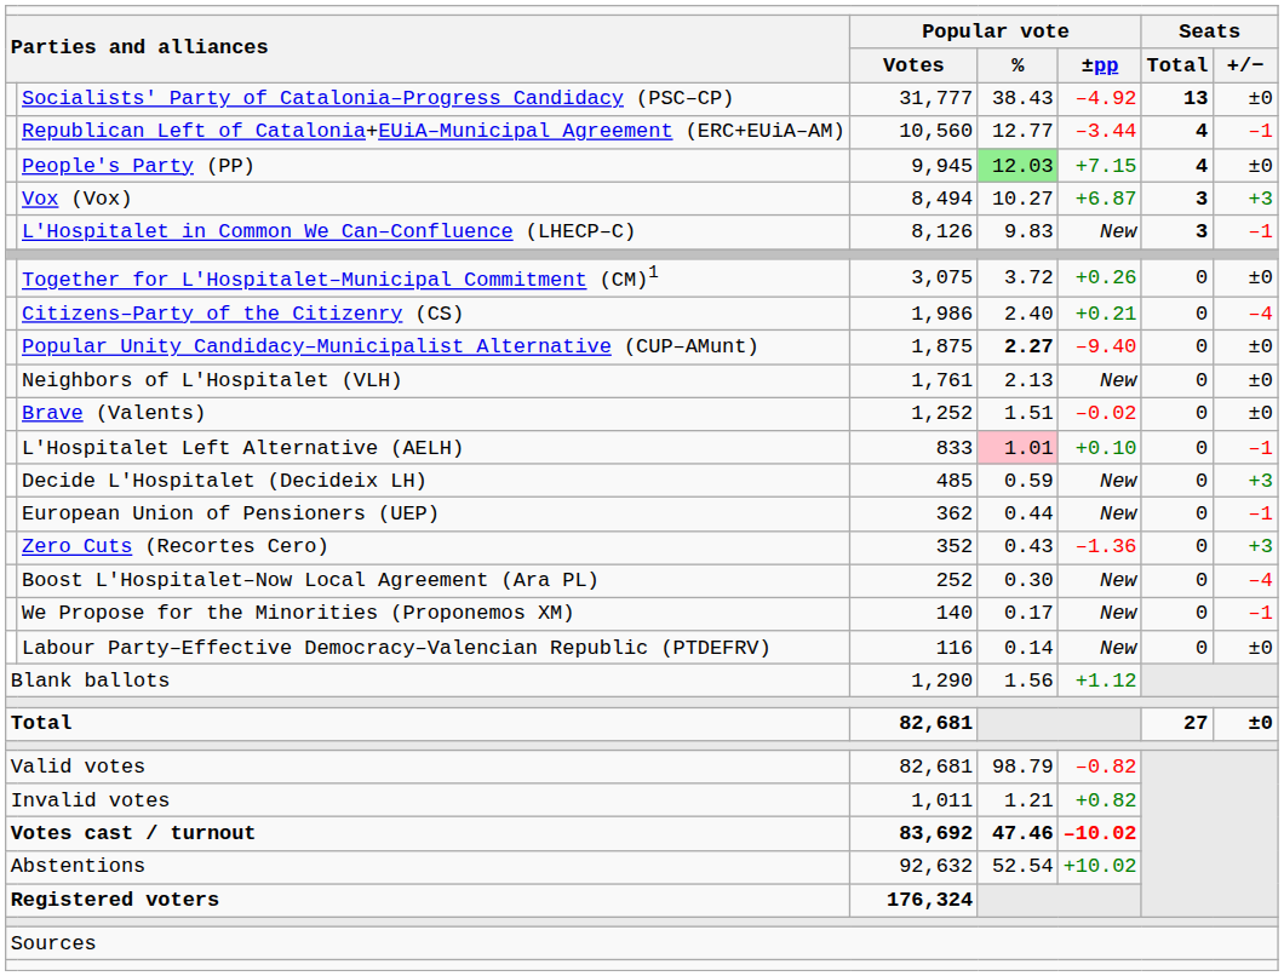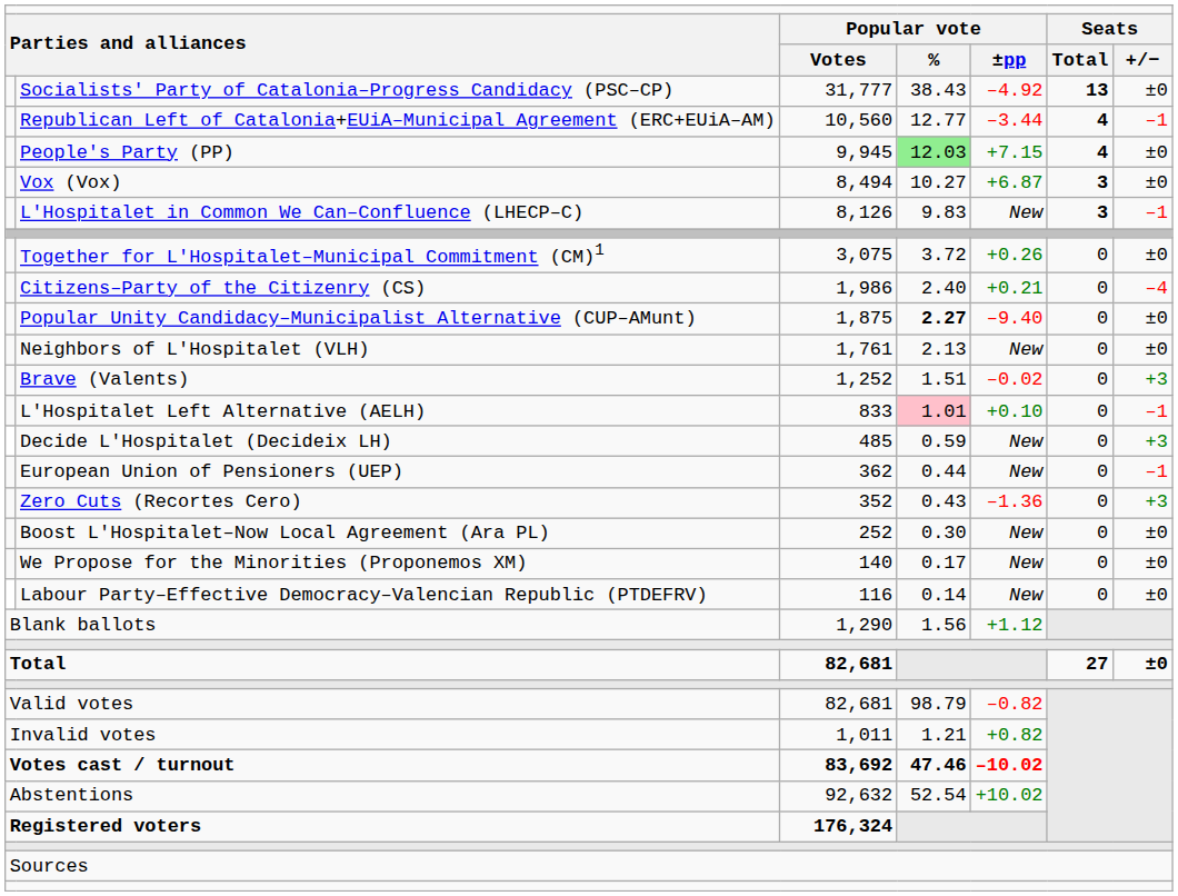 <table class="wikitable" style="text-align:right;">
 <tr>
 <td colspan="7"></td>
 </tr>
 <tr>
 <th style="text-align:left;" rowspan="2" colspan="2" width="525">Parties and alliances</th>
 <th colspan="3">Popular vote</th>
 <th colspan="2">Seats</th>
 </tr>
 <tr>
 <th width="75">Votes</th>
 <th width="45">%</th>
 <th width="45">±<a href='#'>pp</a></th>
 <th width="35">Total</th>
 <th width="35">+/−</th>
 </tr>
 <tr>
 <td width="1" style="color:inherit;background:"></td>
 <td align="left"><a href='#'>Socialists' Party of Catalonia–Progress Candidacy</a> (PSC–CP)</td>
 <td>31,777</td>
 <td>38.43</td>
 <td style="color:red;">–4.92</td>
 <td><strong>13</strong></td>
 <td>±0</td>
 </tr>
 <tr>
 <td style="color:inherit;background:"></td>
 <td align="left"><a href='#'>Republican Left of Catalonia</a>+<a href='#'>EUiA–Municipal Agreement</a> (ERC+EUiA–AM)</td>
 <td>10,560</td>
 <td>12.77</td>
 <td style="color:red;">–3.44</td>
 <td><strong>4</strong></td>
 <td style="color:red;">–1</td>
 </tr>
 <tr>
 <td style="color:inherit;background:"></td>
 <td align="left"><a href='#'>People's Party</a> (PP)</td>
 <td>9,945</td>
 <td style="background: lightgreen;">12.03</td>
 <td style="color:green;">+7.15</td>
 <td><strong>4</strong></td>
 <td>±0</td>
 </tr>
 <tr>
 <td style="color:inherit;background:"></td>
 <td align="left"><a href='#'>Vox</a> (Vox)</td>
 <td>8,494</td>
 <td>10.27</td>
 <td style="color:green;">+6.87</td>
 <td><strong>3</strong></td>
-<td style="color:green;">+3</td>
+<td>±0</td>
 </tr>
 <tr>
 <td style="color:inherit;background:"></td>
 <td align="left"><a href='#'>L'Hospitalet in Common We Can–Confluence</a> (LHECP–C)</td>
 <td>8,126</td>
 <td>9.83</td>
 <td><em>New</em></td>
 <td><strong>3</strong></td>
 <td style="color:red;">–1</td>
 </tr>
 <tr>
 <td colspan="7" bgcolor="#C0C0C0"></td>
 </tr>
 <tr>
 <td style="color:inherit;background:"></td>
 <td align="left"><a href='#'>Together for L'Hospitalet–Municipal Commitment</a> (CM)<sup>1</sup></td>
 <td>3,075</td>
 <td>3.72</td>
 <td style="color:green;">+0.26</td>
 <td>0</td>
 <td>±0</td>
 </tr>
 <tr>
 <td style="color:inherit;background:"></td>
 <td align="left"><a href='#'>Citizens–Party of the Citizenry</a> (CS)</td>
 <td>1,986</td>
 <td>2.40</td>
 <td style="color:green;">+0.21</td>
 <td>0</td>
 <td style="color:red;">–4</td>
 </tr>
 <tr>
 <td style="color:inherit;background:"></td>
 <td align="left"><a href='#'>Popular Unity Candidacy–Municipalist Alternative</a> (CUP–AMunt)</td>
 <td>1,875</td>
 <td><strong>2.27</strong></td>
 <td style="color:red;">–9.40</td>
 <td>0</td>
 <td>±0</td>
 </tr>
 <tr>
 <td style="color:inherit;background:"></td>
 <td align="left">Neighbors of L'Hospitalet (VLH)</td>
 <td>1,761</td>
 <td>2.13</td>
 <td><em>New</em></td>
 <td>0</td>
 <td>±0</td>
 </tr>
 <tr>
 <td style="color:inherit;background:"></td>
 <td align="left"><a href='#'>Brave</a> (Valents)</td>
 <td>1,252</td>
 <td>1.51</td>
 <td style="color:red;">–0.02</td>
 <td>0</td>
-<td>±0</td>
+<td style="color:green;">+3</td>
 </tr>
 <tr>
 <td style="color:inherit;background:"></td>
 <td align="left">L'Hospitalet Left Alternative (AELH)</td>
 <td>833</td>
 <td style="background: pink;">1.01</td>
 <td style="color:green;">+0.10</td>
 <td>0</td>
 <td style="color:red;">–1</td>
 </tr>
 <tr>
 <td bgcolor="white"></td>
 <td align="left">Decide L'Hospitalet (Decideix LH)</td>
 <td>485</td>
 <td>0.59</td>
 <td><em>New</em></td>
 <td>0</td>
 <td style="color:green;">+3</td>
 </tr>
 <tr>
 <td style="color:inherit;background:"></td>
 <td align="left">European Union of Pensioners (UEP)</td>
 <td>362</td>
 <td>0.44</td>
 <td><em>New</em></td>
 <td>0</td>
 <td style="color:red;">–1</td>
 </tr>
 <tr>
 <td style="color:inherit;background:"></td>
 <td align="left"><a href='#'>Zero Cuts</a> (Recortes Cero)</td>
 <td>352</td>
 <td>0.43</td>
 <td style="color:red;">–1.36</td>
 <td>0</td>
 <td style="color:green;">+3</td>
 </tr>
 <tr>
 <td style="color:inherit;background:"></td>
 <td align="left">Boost L'Hospitalet–Now Local Agreement (Ara PL)</td>
 <td>252</td>
 <td>0.30</td>
 <td><em>New</em></td>
 <td>0</td>
-<td style="color:red;">–4</td>
+<td>±0</td>
 </tr>
 <tr>
 <td style="color:inherit;background:"></td>
 <td align="left">We Propose for the Minorities (Proponemos XM)</td>
 <td>140</td>
 <td>0.17</td>
 <td><em>New</em></td>
 <td>0</td>
-<td style="color:red;">–1</td>
+<td>±0</td>
 </tr>
 <tr>
 <td bgcolor="white"></td>
 <td align="left">Labour Party–Effective Democracy–Valencian Republic (PTDEFRV)</td>
 <td>116</td>
 <td>0.14</td>
 <td><em>New</em></td>
 <td>0</td>
 <td>±0</td>
 </tr>
 <tr>
 <td align="left" colspan="2">Blank ballots</td>
 <td>1,290</td>
 <td>1.56</td>
 <td style="color:green;">+1.12</td>
 <td bgcolor="#E9E9E9" colspan="2"></td>
 </tr>
 <tr>
 <td colspan="7" bgcolor="#E9E9E9"></td>
 </tr>
 <tr style="font-weight:bold;">
 <td align="left" colspan="2">Total</td>
 <td>82,681</td>
 <td bgcolor="#E9E9E9" colspan="2"></td>
 <td>27</td>
 <td>±0</td>
 </tr>
 <tr>
 <td colspan="7" bgcolor="#E9E9E9"></td>
 </tr>
 <tr>
 <td align="left" colspan="2">Valid votes</td>
 <td>82,681</td>
 <td>98.79</td>
 <td style="color:red;">–0.82</td>
 <td bgcolor="#E9E9E9" colspan="2" rowspan="5"></td>
 </tr>
 <tr>
 <td align="left" colspan="2">Invalid votes</td>
 <td>1,011</td>
 <td>1.21</td>
 <td style="color:green;">+0.82</td>
 </tr>
 <tr style="font-weight:bold;">
 <td align="left" colspan="2">Votes cast / turnout</td>
 <td>83,692</td>
 <td>47.46</td>
 <td style="color:red;">–10.02</td>
 </tr>
 <tr>
 <td align="left" colspan="2">Abstentions</td>
 <td>92,632</td>
 <td>52.54</td>
 <td style="color:green;">+10.02</td>
 </tr>
 <tr style="font-weight:bold;">
 <td align="left" colspan="2">Registered voters</td>
 <td>176,324</td>
 <td bgcolor="#E9E9E9" colspan="2"></td>
 </tr>
 <tr>
 <td colspan="7" bgcolor="#E9E9E9"></td>
 </tr>
 <tr>
 <td align="left" colspan="7">Sources</td>
 </tr>
 <tr>
 <td colspan="7" style="text-align:left; max-width:790px;"></td>
 </tr>
 </table>
